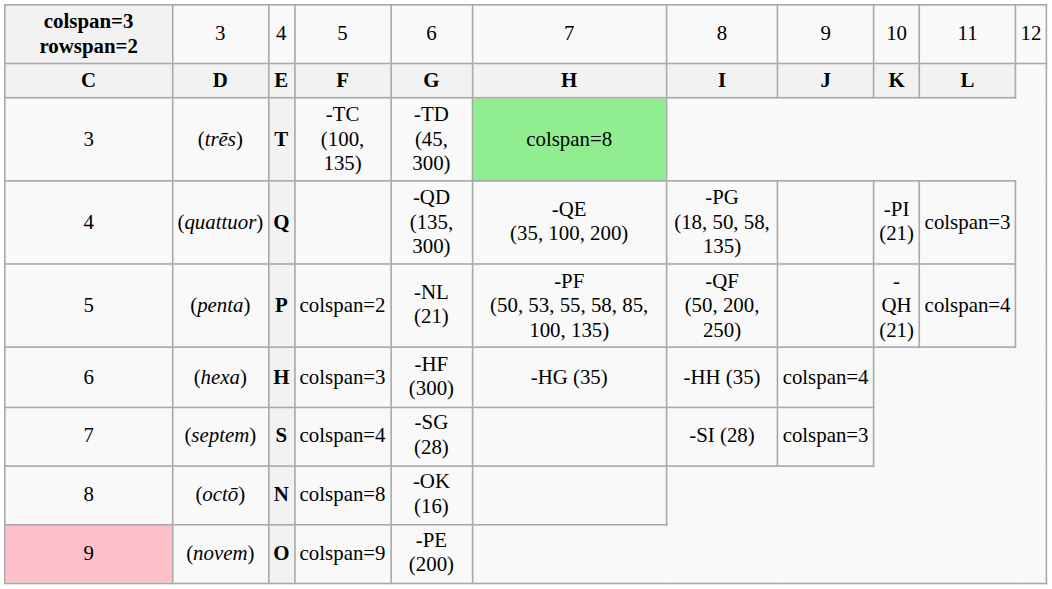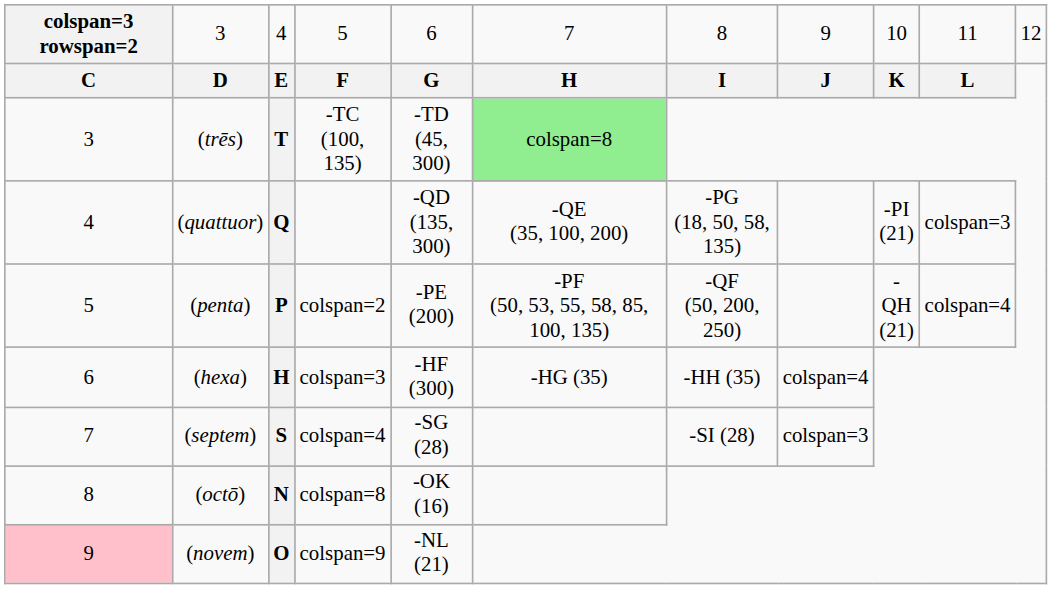 <table class="wikitable floatright" style="font-size:80%;text-align:center;width:50em;">
 <tr>
 <th>colspan=3 rowspan=2 </th>
 <td>3</td>
 <td>4</td>
 <td>5</td>
 <td>6</td>
 <td>7</td>
 <td>8</td>
 <td>9</td>
 <td>10</td>
 <td>11</td>
 <td>12</td>
 </tr>
 <tr>
 <th>C</th>
 <th>D</th>
 <th>E</th>
 <th>F</th>
 <th>G</th>
 <th>H</th>
 <th>I</th>
 <th>J</th>
 <th>K</th>
 <th>L</th>
 </tr>
 <tr>
 <td>3</td>
 <td>(<em>trēs</em>)</td>
 <th>T</th>
 <td>-TC<br>(100, 135)</td>
 <td>-TD<br>(45, 300)</td>
 <td style="background: lightgreen;">colspan=8 </td>
 </tr>
 <tr>
 <td>4</td>
 <td>(<em>quattuor</em>)</td>
 <th>Q</th>
 <td></td>
 <td>-QD<br>(135, 300)</td>
 <td>-QE<br>(35, 100, 200)</td>
 <td>-PG<br>(18, 50, 58, 135)</td>
 <td></td>
 <td>-PI<br>(21)</td>
 <td>colspan=3 </td>
 </tr>
 <tr>
 <td>5</td>
 <td>(<em>penta</em>)</td>
 <th>P</th>
 <td>colspan=2 </td>
-<td>-NL (21)</td>
+<td>-PE<br>(200)</td>
 <td>-PF<br>(50, 53, 55, 58, 85, 100, 135)</td>
 <td>-QF<br>(50, 200, 250)</td>
 <td></td>
 <td>-QH<br>(21)</td>
 <td>colspan=4 </td>
 </tr>
 <tr>
 <td>6</td>
 <td>(<em>hexa</em>)</td>
 <th>H</th>
 <td>colspan=3 </td>
 <td>-HF (300)</td>
 <td>-HG (35)</td>
 <td>-HH (35)</td>
 <td>colspan=4 </td>
 </tr>
 <tr>
 <td>7</td>
 <td>(<em>septem</em>)</td>
 <th>S</th>
 <td>colspan=4 </td>
 <td>-SG (28)</td>
 <td></td>
 <td>-SI (28)</td>
 <td>colspan=3 </td>
 </tr>
 <tr>
 <td>8</td>
 <td>(<em>octō</em>)</td>
 <th>N</th>
 <td>colspan=8 </td>
 <td>-OK (16)</td>
 <td></td>
 </tr>
 <tr>
 <td style="background: pink;">9</td>
 <td>(<em>novem</em>)</td>
 <th>O</th>
 <td>colspan=9 </td>
-<td>-PE<br>(200)</td>
+<td>-NL (21)</td>
 </tr>
 </table>
